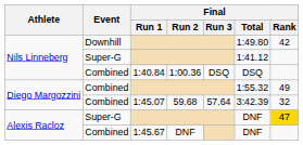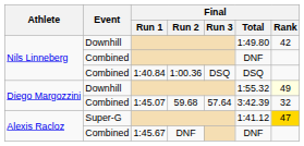 <table class="wikitable" style="font-size:90%">
 <tr>
 <th rowspan="2">Athlete</th>
 <th rowspan="2">Event</th>
 <th colspan="5">Final</th>
 </tr>
 <tr>
 <th>Run 1</th>
 <th>Run 2</th>
 <th>Run 3</th>
 <th>Total</th>
 <th>Rank</th>
 </tr>
 <tr>
 <td rowspan="3"><a href='#'>Nils Linneberg</a></td>
 <td>Downhill</td>
 <td colspan="3" bgcolor="wheat"></td>
 <td align="center">1:49.80</td>
 <td align="center">42</td>
 </tr>
 <tr>
-<td>Super-G</td>
+<td>Combined</td>
 <td colspan="3" bgcolor="wheat"></td>
-<td align="center">1:41.12</td>
+<td align="center">DNF</td>
 <td align="center"></td>
 </tr>
 <tr>
 <td>Combined</td>
 <td align="center">1:40.84</td>
 <td align="center">1:00.36</td>
 <td align="center">DSQ</td>
 <td align="center">DSQ</td>
 <td align="center"></td>
 </tr>
 <tr>
 <td rowspan="2"><a href='#'>Diego Margozzini</a></td>
-<td>Combined</td>
+<td>Downhill</td>
 <td colspan="3" bgcolor="wheat"></td>
 <td align="center">1:55.32</td>
-<td align="center">49</td>
+<td align="center" style="background: lightyellow;">49</td>
 </tr>
 <tr>
 <td>Combined</td>
 <td align="center">1:45.07</td>
 <td align="center">59.68</td>
 <td align="center">57.64</td>
 <td align="center">3:42.39</td>
 <td align="center">32</td>
 </tr>
 <tr>
 <td rowspan="2"><a href='#'>Alexis Racloz</a></td>
 <td>Super-G</td>
 <td colspan="3" bgcolor="wheat"></td>
-<td align="center">DNF</td>
+<td align="center">1:41.12</td>
 <td align="center" style="background: gold;">47</td>
 </tr>
 <tr>
 <td>Combined</td>
 <td align="center">1:45.67</td>
 <td align="center">DNF</td>
 <td colspan="1" bgcolor="wheat"></td>
 <td align="center">DNF</td>
 <td align="center"></td>
 </tr>
 </table>
